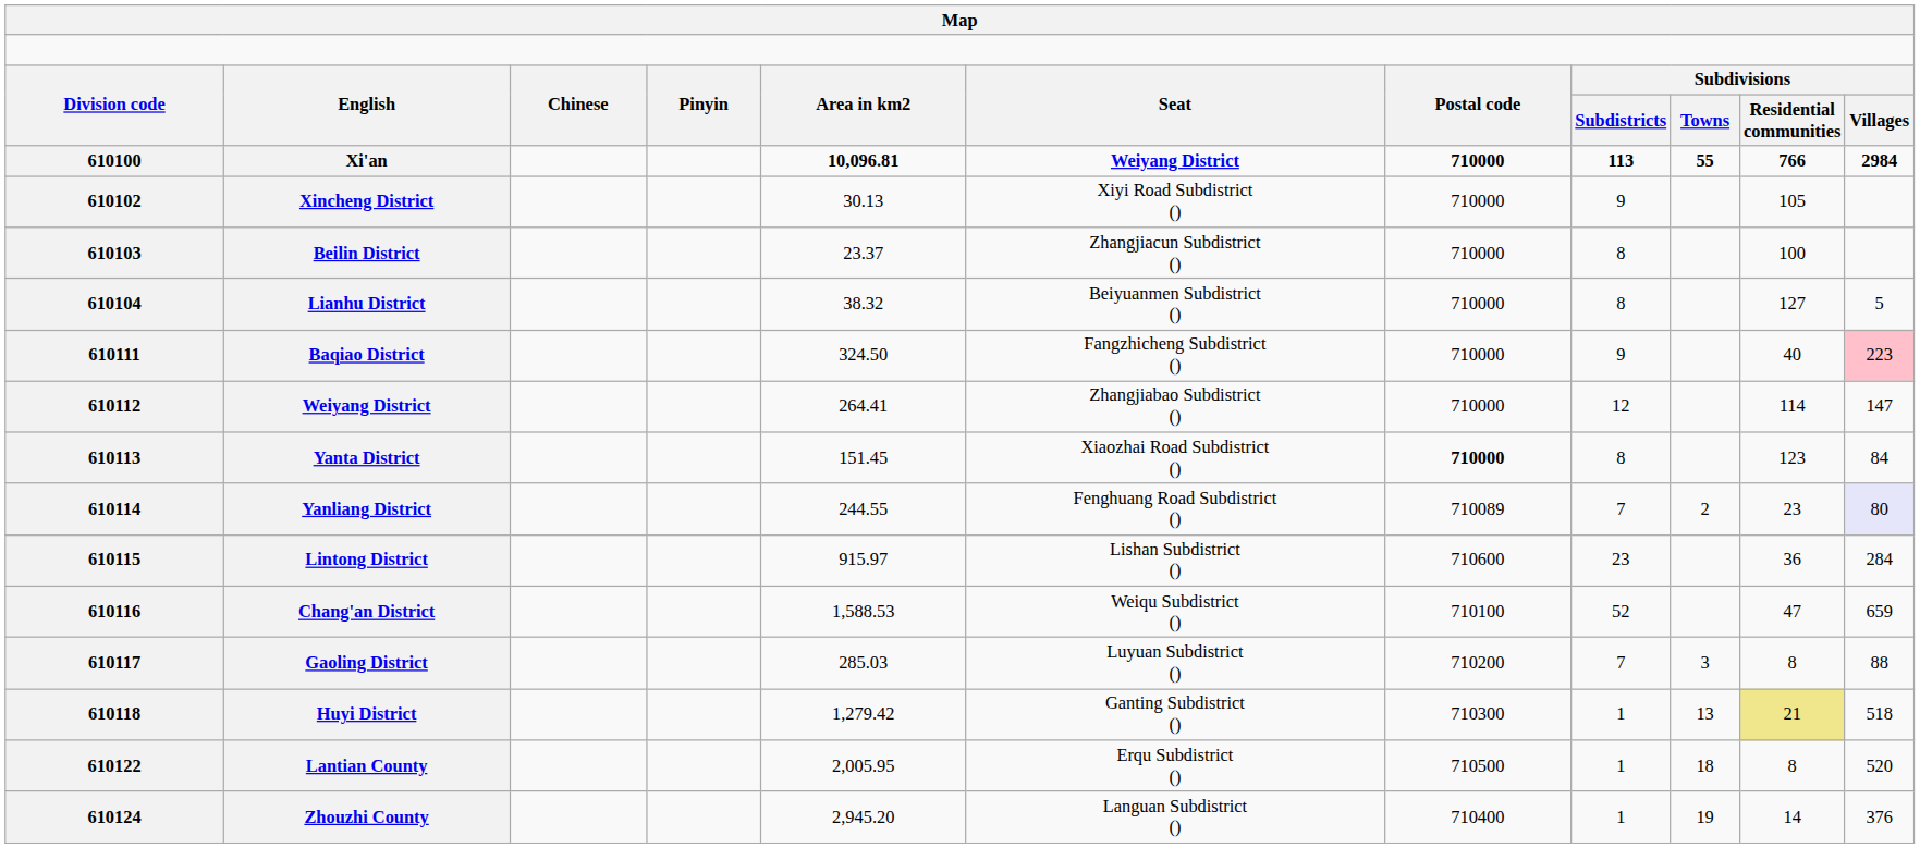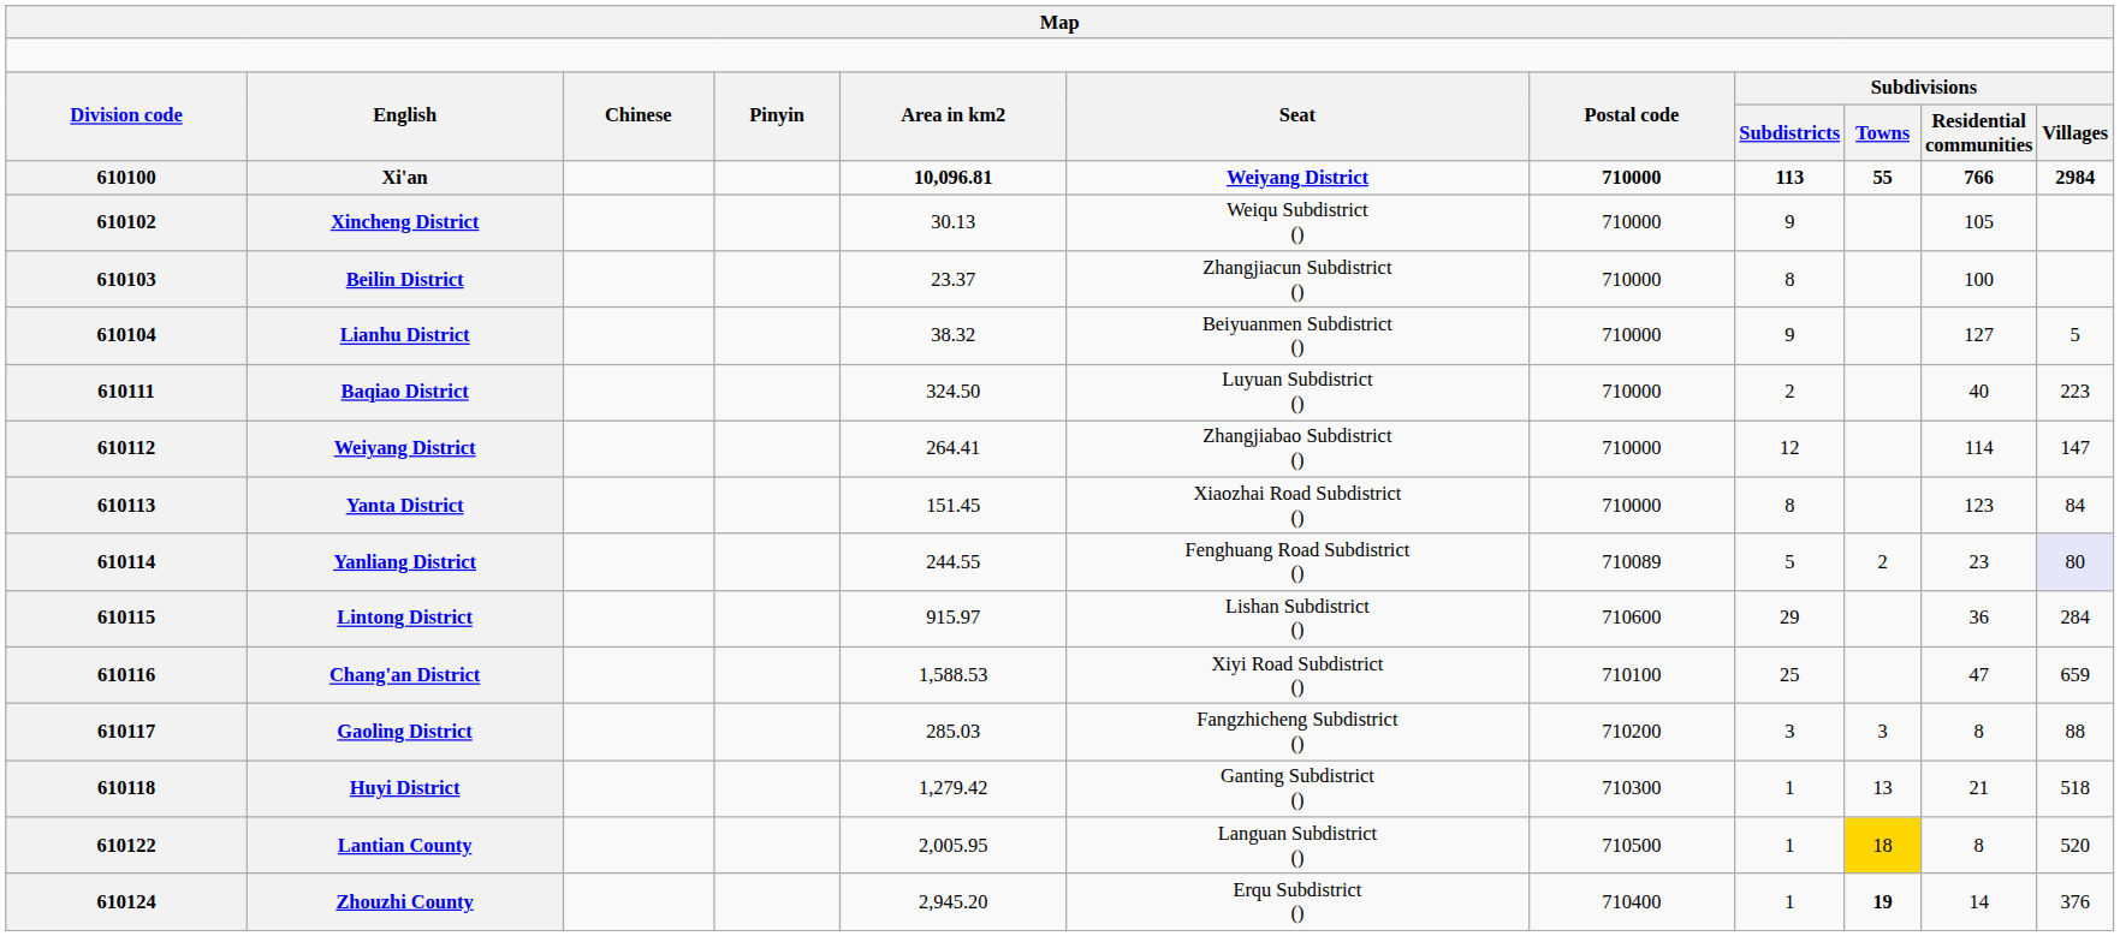 <table class="wikitable"  style="margin:auto; width:90%; font-size:smaller;">
 <tr>
 <th colspan="12">Map</th>
 </tr>
 <tr>
 <td colspan="12"  style="text-align:center; font-size:normal;"><br><div>                </div></td>
 </tr>
 <tr>
 <th ! scope="col" rowspan=2><a href='#'>Division code</a></th>
 <th ! scope="col" rowspan=2>English</th>
 <th ! scope="col" rowspan=2>Chinese</th>
 <th ! scope="col" rowspan=2>Pinyin</th>
 <th ! scope="col" rowspan=2>Area in km2</th>
 <th ! scope="col" rowspan=2>Seat</th>
 <th ! scope="col" rowspan=2>Postal code</th>
 <th ! scope="col" colspan=6>Subdivisions</th>
 </tr>
 <tr>
 <th ! scope="col" style="width:45px;"><a href='#'>Subdistricts</a></th>
 <th ! scope="col" style="width:45px;"><a href='#'>Towns</a></th>
 <th ! scope="col" style="width:45px;">Residential communities</th>
 <th ! scope="col" style="width:45px;">Villages</th>
 </tr>
 <tr style="text-align:center; font-weight:bold;">
 <th>610100</th>
 <th>Xi'an</th>
 <td></td>
 <td></td>
 <td>10,096.81</td>
 <td><a href='#'>Weiyang District</a></td>
 <td>710000</td>
 <td>113</td>
 <td>55</td>
 <td>766</td>
 <td>2984</td>
 </tr>
 <tr style="text-align:center;">
 <th>610102</th>
 <th><a href='#'>Xincheng District</a></th>
 <td></td>
 <td></td>
 <td>30.13</td>
-<td>Xiyi Road Subdistrict<br>()</td>
+<td>Weiqu Subdistrict<br>()</td>
 <td>710000</td>
 <td>9</td>
 <td></td>
 <td>105</td>
 <td></td>
 </tr>
 <tr style="text-align:center;">
 <th>610103</th>
 <th><a href='#'>Beilin District</a></th>
 <td></td>
 <td></td>
 <td>23.37</td>
 <td>Zhangjiacun Subdistrict<br>()</td>
 <td>710000</td>
 <td>8</td>
 <td></td>
 <td>100</td>
 <td></td>
 </tr>
 <tr style="text-align:center;">
 <th>610104</th>
 <th><a href='#'>Lianhu District</a></th>
 <td></td>
 <td></td>
 <td>38.32</td>
 <td>Beiyuanmen Subdistrict<br>()</td>
 <td>710000</td>
-<td>8</td>
+<td>9</td>
 <td></td>
 <td>127</td>
 <td>5</td>
 </tr>
 <tr style="text-align:center;">
 <th>610111</th>
 <th><a href='#'>Baqiao District</a></th>
 <td></td>
 <td></td>
 <td>324.50</td>
-<td>Fangzhicheng Subdistrict<br>()</td>
+<td>Luyuan Subdistrict<br>()</td>
 <td>710000</td>
-<td>9</td>
+<td>2</td>
 <td></td>
 <td>40</td>
-<td style="background: pink;">223</td>
+<td>223</td>
 </tr>
 <tr style="text-align:center;">
 <th>610112</th>
 <th><a href='#'>Weiyang District</a></th>
 <td></td>
 <td></td>
 <td>264.41</td>
 <td>Zhangjiabao Subdistrict<br>()</td>
 <td>710000</td>
 <td>12</td>
 <td></td>
 <td>114</td>
 <td>147</td>
 </tr>
 <tr style="text-align:center;">
 <th>610113</th>
 <th><a href='#'>Yanta District</a></th>
 <td></td>
 <td></td>
 <td>151.45</td>
 <td>Xiaozhai Road Subdistrict<br>()</td>
-<td><strong>710000</strong></td>
+<td>710000</td>
 <td>8</td>
 <td></td>
 <td>123</td>
 <td>84</td>
 </tr>
 <tr style="text-align:center;">
 <th>610114</th>
 <th><a href='#'>Yanliang District</a></th>
 <td></td>
 <td></td>
 <td>244.55</td>
 <td>Fenghuang Road Subdistrict<br>()</td>
 <td>710089</td>
-<td>7</td>
+<td>5</td>
 <td>2</td>
 <td>23</td>
 <td style="background: lavender;">80</td>
 </tr>
 <tr style="text-align:center;">
 <th>610115</th>
 <th><a href='#'>Lintong District</a></th>
 <td></td>
 <td></td>
 <td>915.97</td>
 <td>Lishan Subdistrict<br>()</td>
 <td>710600</td>
-<td>23</td>
+<td>29</td>
 <td></td>
 <td>36</td>
 <td>284</td>
 </tr>
 <tr style="text-align:center;">
 <th>610116</th>
 <th><a href='#'>Chang'an District</a></th>
 <td></td>
 <td></td>
 <td>1,588.53</td>
-<td>Weiqu Subdistrict<br>()</td>
+<td>Xiyi Road Subdistrict<br>()</td>
 <td>710100</td>
-<td>52</td>
+<td>25</td>
 <td></td>
 <td>47</td>
 <td>659</td>
 </tr>
 <tr style="text-align:center;">
 <th>610117</th>
 <th><a href='#'>Gaoling District</a></th>
 <td></td>
 <td></td>
 <td>285.03</td>
-<td>Luyuan Subdistrict<br>()</td>
+<td>Fangzhicheng Subdistrict<br>()</td>
 <td>710200</td>
-<td>7</td>
+<td>3</td>
 <td>3</td>
 <td>8</td>
 <td>88</td>
 </tr>
 <tr style="text-align:center;">
 <th>610118</th>
 <th><a href='#'>Huyi District</a></th>
 <td></td>
 <td></td>
 <td>1,279.42</td>
 <td>Ganting Subdistrict<br>()</td>
 <td>710300</td>
 <td>1</td>
 <td>13</td>
-<td style="background: khaki;">21</td>
+<td>21</td>
 <td>518</td>
 </tr>
 <tr style="text-align:center;">
 <th>610122</th>
 <th><a href='#'>Lantian County</a></th>
 <td></td>
 <td></td>
 <td>2,005.95</td>
-<td>Erqu Subdistrict<br>()</td>
+<td>Languan Subdistrict<br>()</td>
 <td>710500</td>
 <td>1</td>
-<td>18</td>
+<td style="background: gold;">18</td>
 <td>8</td>
 <td>520</td>
 </tr>
 <tr style="text-align:center;">
 <th>610124</th>
 <th><a href='#'>Zhouzhi County</a></th>
 <td></td>
 <td></td>
 <td>2,945.20</td>
-<td>Languan Subdistrict<br>()</td>
+<td>Erqu Subdistrict<br>()</td>
 <td>710400</td>
 <td>1</td>
-<td>19</td>
+<td><strong>19</strong></td>
 <td>14</td>
 <td>376</td>
 </tr>
 </table>
